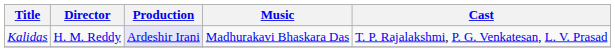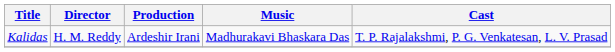 <table class="wikitable" style="font-size: 95%;">
 <tr>
 <th><a href='#'>Title</a></th>
 <th><a href='#'>Director</a></th>
 <th><a href='#'>Production</a></th>
 <th><a href='#'>Music</a></th>
 <th><a href='#'>Cast</a></th>
 </tr>
 <tr --->
 <td><em><a href='#'>Kalidas</a></em></td>
 <td><a href='#'>H. M. Reddy</a></td>
-<td style="background: lavender;"><a href='#'>Ardeshir Irani</a></td>
+<td><a href='#'>Ardeshir Irani</a></td>
 <td><a href='#'>Madhurakavi Bhaskara Das</a></td>
 <td><a href='#'>T. P. Rajalakshmi</a>, <a href='#'>P. G. Venkatesan</a>, <a href='#'>L. V. Prasad</a></td>
 </tr>
 <tr -->
 </tr>
 </table>
